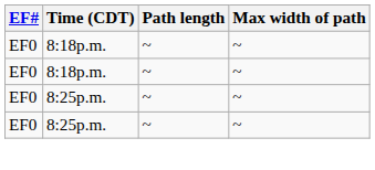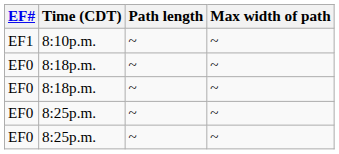 <table class="wikitable sortable floatcenter">
 <tr>
 <th scope="col"><a href='#'>EF#</a></th>
 <th scope="col">Time (CDT)</th>
 <th scope="col">Path length</th>
 <th scope="col">Max width of path</th>
+</tr>
+<tr>
+<td>EF1</td>
+<td>8:10p.m.</td>
+<td>~</td>
+<td>~</td>
 </tr>
 <tr>
 <td>EF0</td>
 <td>8:18p.m.</td>
 <td>~</td>
 <td>~</td>
 </tr>
 <tr>
 <td>EF0</td>
 <td>8:18p.m.</td>
 <td>~</td>
 <td>~</td>
 </tr>
 <tr>
 <td>EF0</td>
 <td>8:25p.m.</td>
 <td>~</td>
 <td>~</td>
 </tr>
 <tr>
 <td>EF0</td>
 <td>8:25p.m.</td>
 <td>~</td>
 <td>~</td>
 </tr>
 </table>
